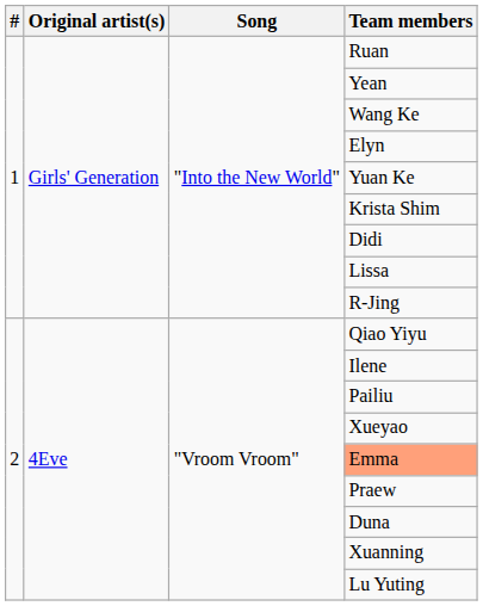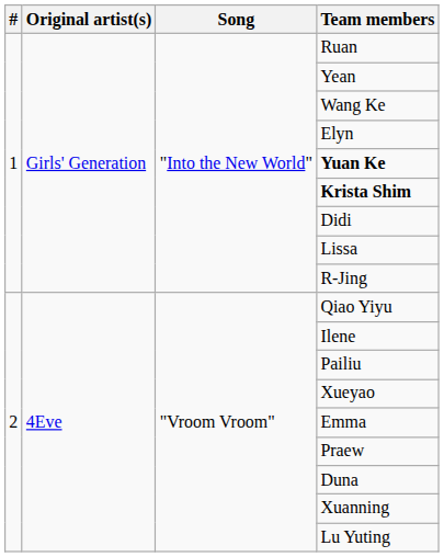 <table class="wikitable sortable" style="font-size: 85%; white-space: nowrap;">
 <tr>
 <th>#</th>
 <th>Original artist(s)</th>
 <th>Song</th>
 <th>Team members</th>
 </tr>
 <tr>
 <td rowspan="9">1</td>
 <td rowspan="9"><a href='#'>Girls' Generation</a></td>
 <td rowspan="9">"<a href='#'>Into the New World</a>"</td>
 <td>Ruan</td>
 </tr>
 <tr>
 <td>Yean</td>
 </tr>
 <tr>
 <td>Wang Ke</td>
 </tr>
 <tr>
 <td>Elyn</td>
 </tr>
 <tr>
-<td>Yuan Ke</td>
+<td><strong>Yuan Ke</strong></td>
 </tr>
 <tr>
-<td>Krista Shim</td>
+<td><strong>Krista Shim</strong></td>
 </tr>
 <tr>
 <td>Didi</td>
 </tr>
 <tr>
 <td>Lissa</td>
 </tr>
 <tr>
 <td>R-Jing</td>
 </tr>
 <tr>
 <td rowspan="9">2</td>
 <td rowspan="9"><a href='#'>4Eve</a></td>
 <td rowspan="9">"Vroom Vroom"</td>
 <td>Qiao Yiyu</td>
 </tr>
 <tr>
 <td>Ilene</td>
 </tr>
 <tr>
 <td>Pailiu</td>
 </tr>
 <tr>
 <td>Xueyao</td>
 </tr>
 <tr>
-<td style="background: lightsalmon;">Emma</td>
+<td>Emma</td>
 </tr>
 <tr>
 <td>Praew</td>
 </tr>
 <tr>
 <td>Duna</td>
 </tr>
 <tr>
 <td>Xuanning</td>
 </tr>
 <tr>
 <td>Lu Yuting</td>
 </tr>
 </table>
